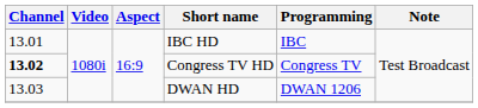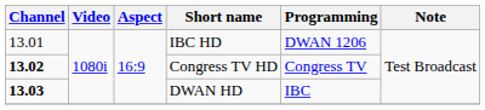 <table class="wikitable">
 <tr>
 <th><a href='#'>Channel</a></th>
 <th><a href='#'>Video</a></th>
 <th><a href='#'>Aspect</a></th>
 <th>Short name</th>
 <th>Programming</th>
 <th>Note</th>
 </tr>
 <tr>
 <td>13.01</td>
 <td rowspan="3"><a href='#'>1080i</a></td>
 <td rowspan="3"><a href='#'>16:9</a></td>
 <td>IBC HD</td>
-<td><a href='#'>IBC</a> </td>
+<td><a href='#'>DWAN 1206</a></td>
 <td rowspan="3">Test Broadcast</td>
 </tr>
 <tr>
 <td><strong>13.02</strong></td>
 <td>Congress TV HD</td>
 <td><a href='#'>Congress TV</a></td>
 </tr>
 <tr>
-<td>13.03</td>
+<td><strong>13.03</strong></td>
 <td>DWAN HD</td>
-<td><a href='#'>DWAN 1206</a></td>
+<td><a href='#'>IBC</a> </td>
 </tr>
 <tr>
 </tr>
 </table>
